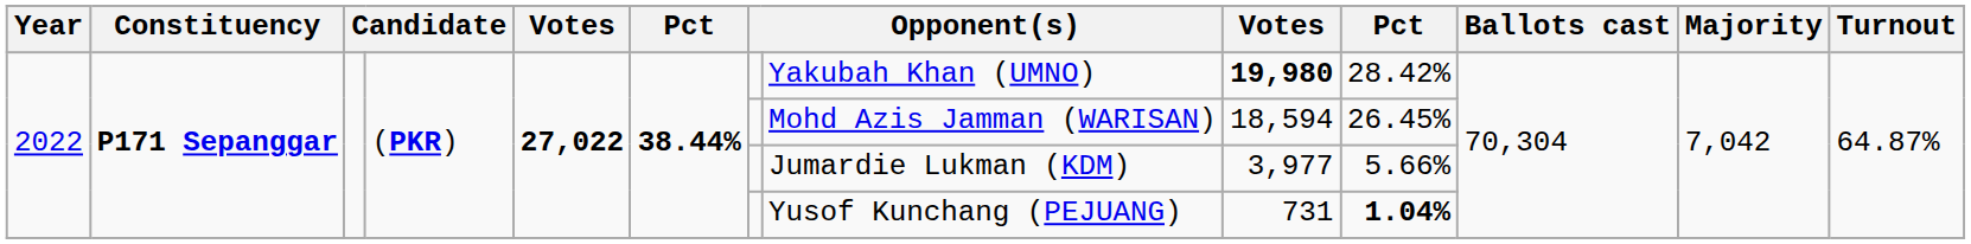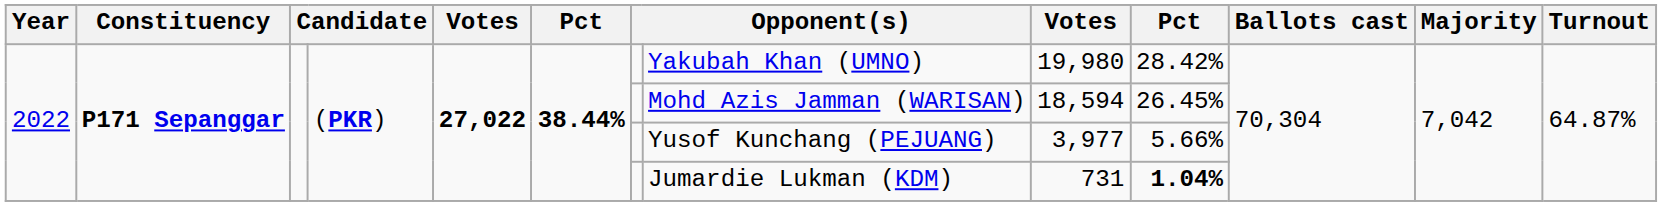 <table class="wikitable" style="margin:0.5em ; font-size:95%">
 <tr>
 <th>Year</th>
 <th>Constituency</th>
 <th colspan=2>Candidate</th>
 <th>Votes</th>
 <th>Pct</th>
 <th colspan=2>Opponent(s)</th>
 <th>Votes</th>
 <th>Pct</th>
 <th>Ballots cast</th>
 <th>Majority</th>
 <th>Turnout</th>
 </tr>
 <tr>
 <td rowspan="4"><a href='#'>2022</a></td>
 <td rowspan="4"><strong>P171 <a href='#'>Sepanggar</a></strong></td>
 <td rowspan="4" ></td>
 <td rowspan="4"> (<a href='#'><strong>PKR</strong></a>)</td>
 <td rowspan="4" align="right"><strong>27,022</strong></td>
 <td rowspan="4"><strong>38.44%</strong></td>
 <td></td>
 <td><a href='#'>Yakubah Khan</a> (<a href='#'>UMNO</a>)</td>
-<td align="right"><strong>19,980</strong></td>
+<td align="right">19,980</td>
 <td>28.42%</td>
 <td rowspan="4">70,304</td>
 <td rowspan="4">7,042</td>
 <td rowspan="4">64.87%</td>
 </tr>
 <tr>
 <td></td>
 <td><a href='#'>Mohd Azis Jamman</a> (<a href='#'>WARISAN</a>)</td>
 <td align="right">18,594</td>
 <td align="right">26.45%</td>
 </tr>
 <tr>
 <td></td>
-<td>Jumardie Lukman (<a href='#'>KDM</a>)</td>
+<td>Yusof Kunchang (<a href='#'>PEJUANG</a>)</td>
 <td align="right">3,977</td>
 <td align="right">5.66%</td>
 </tr>
 <tr>
 <td></td>
-<td>Yusof Kunchang (<a href='#'>PEJUANG</a>)</td>
+<td>Jumardie Lukman (<a href='#'>KDM</a>)</td>
 <td align="right">731</td>
 <td align="right"><strong>1.04%</strong></td>
 </tr>
 </table>
